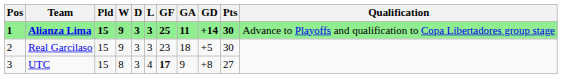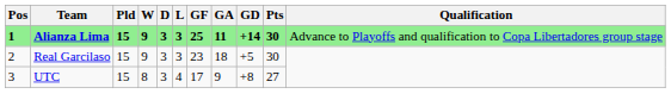 <table class="wikitable">
 <tr>
 <th>Pos</th>
 <th>Team</th>
 <th><strong>Pld</strong></th>
 <th>W</th>
 <th>D</th>
 <th>L</th>
 <th>GF</th>
 <th>GA</th>
 <th>GD</th>
 <th>Pts</th>
 <th><strong>Qualification</strong></th>
 </tr>
 <tr bgcolor="90EE90">
 <td><strong>1</strong></td>
 <td><strong><a href='#'>Alianza Lima</a></strong></td>
 <td><strong>15</strong></td>
 <td><strong>9</strong></td>
 <td><strong>3</strong></td>
 <td><strong>3</strong></td>
 <td><strong>25</strong></td>
 <td><strong>11</strong></td>
 <td><strong>+14</strong></td>
 <td><strong>30</strong></td>
 <td>Advance to <a href='#'>Playoffs</a> and qualification to <a href='#'>Copa Libertadores group stage</a></td>
 </tr>
 <tr>
 <td>2</td>
 <td><a href='#'>Real Garcilaso</a></td>
 <td>15</td>
 <td>9</td>
 <td>3</td>
 <td>3</td>
 <td>23</td>
 <td>18</td>
 <td>+5</td>
 <td>30</td>
 <td rowspan="2"></td>
 </tr>
 <tr>
 <td>3</td>
 <td><a href='#'>UTC</a></td>
 <td>15</td>
 <td>8</td>
 <td>3</td>
 <td>4</td>
-<td><strong>17</strong></td>
+<td>17</td>
 <td>9</td>
 <td>+8</td>
 <td>27</td>
 </tr>
 </table>
